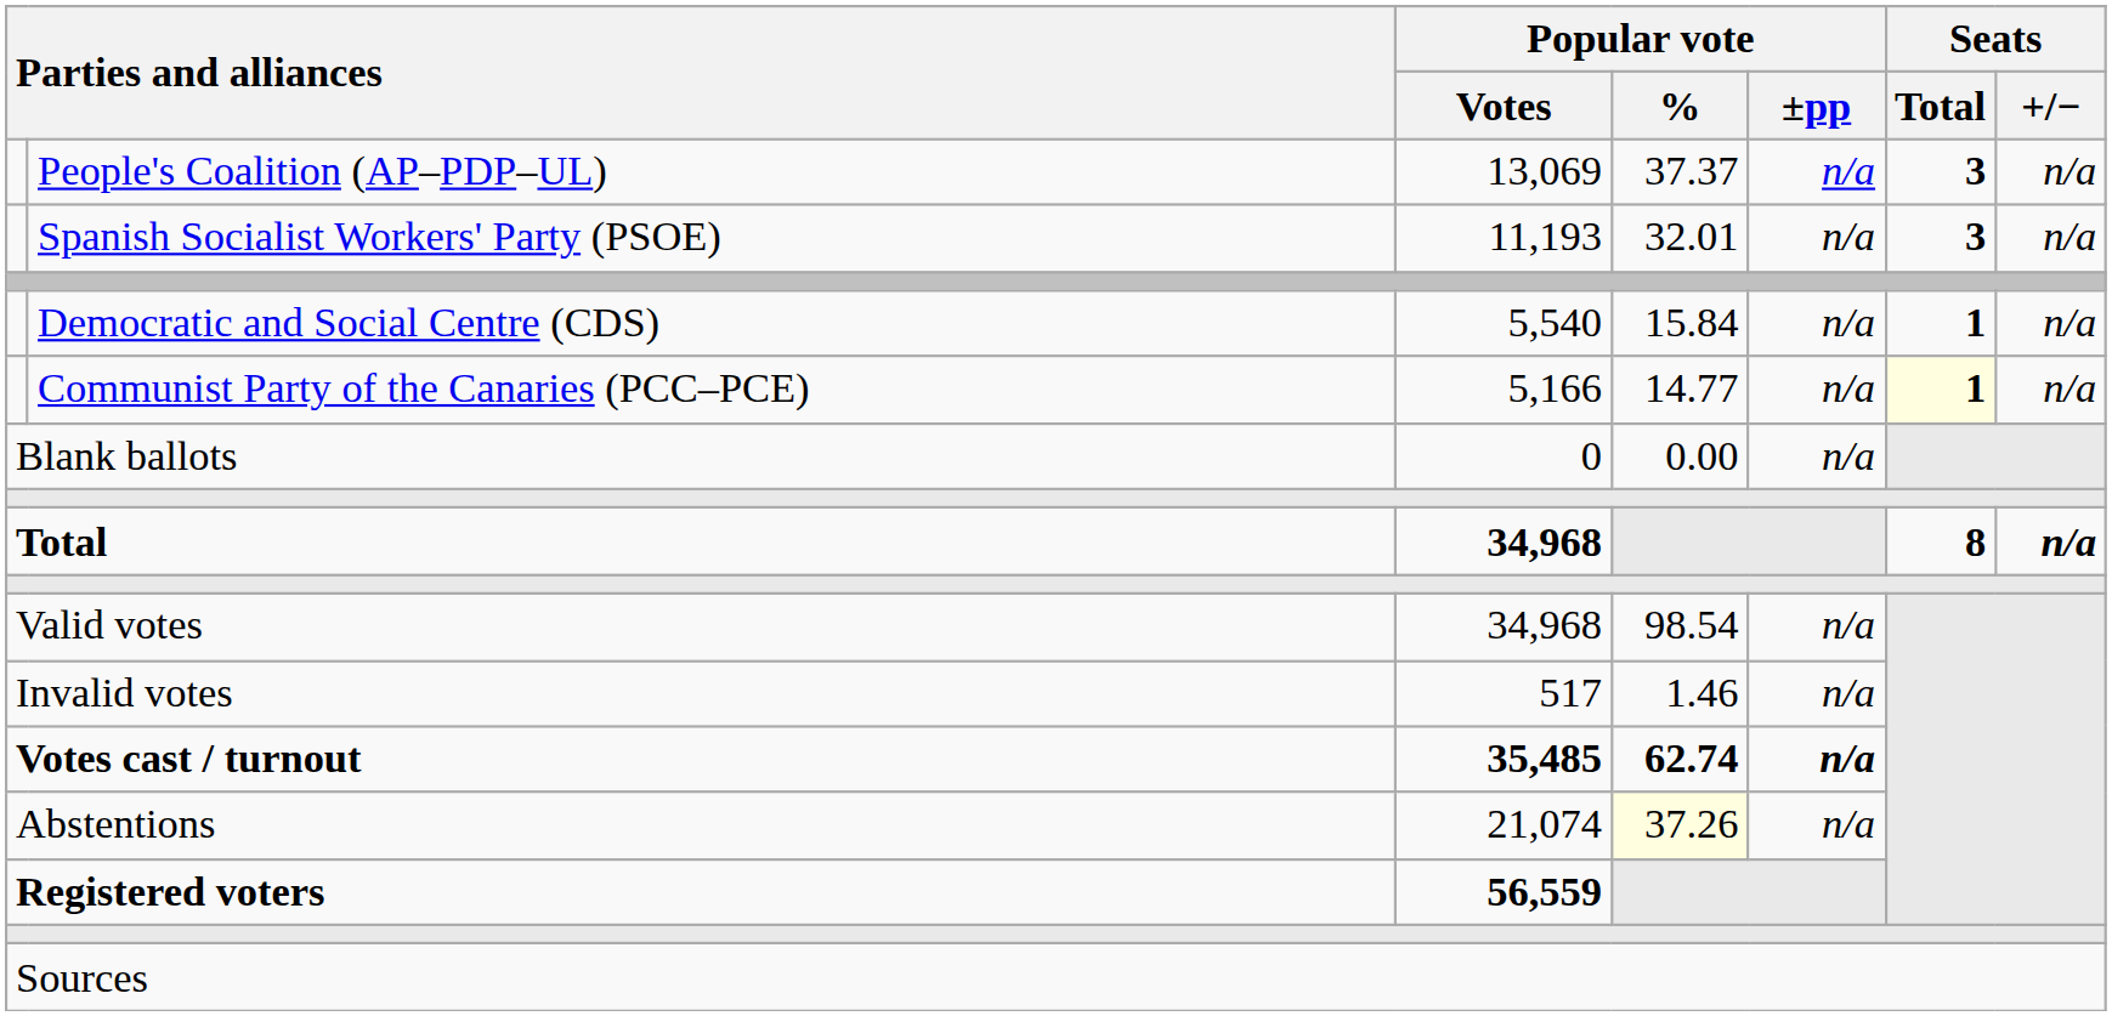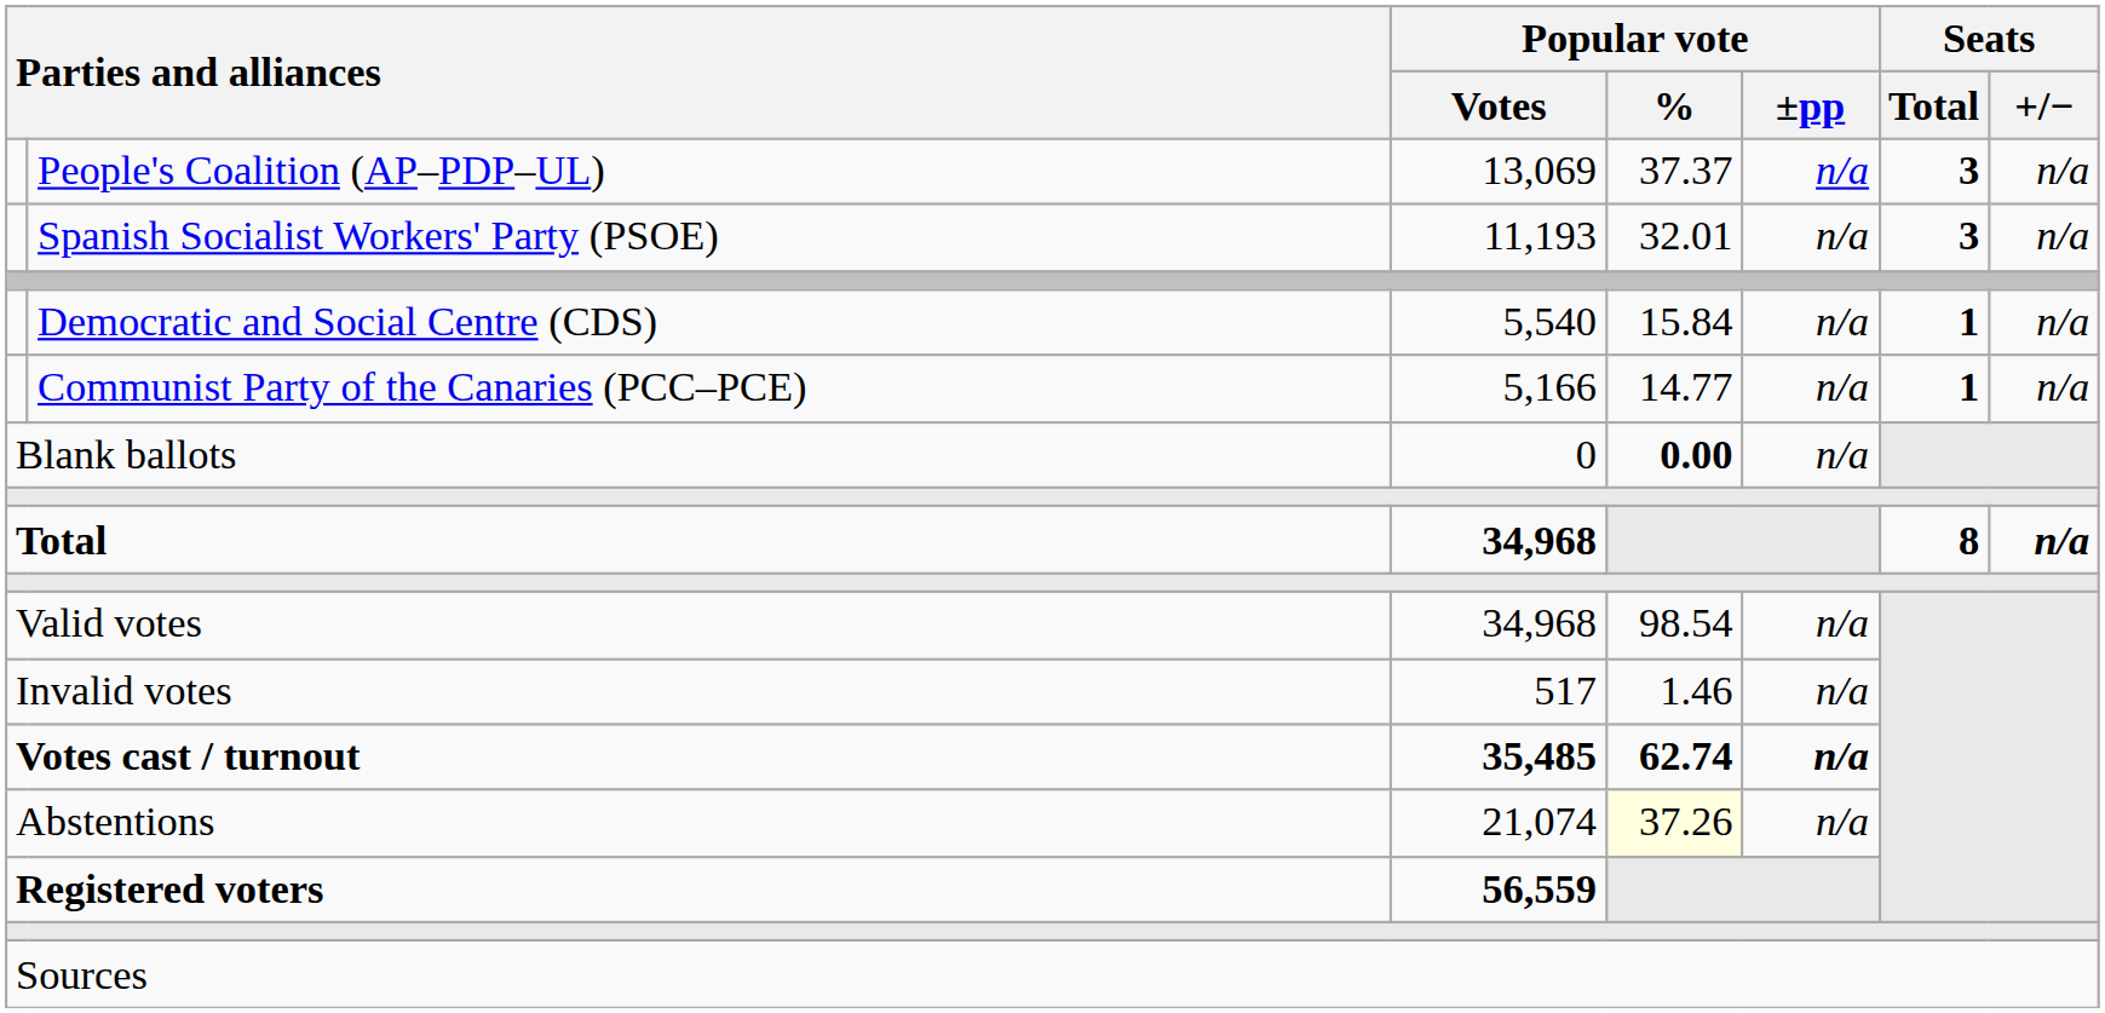 <table class="wikitable" style="text-align:right;">
 <tr>
 <th style="text-align:left;" rowspan="2" colspan="2" width="525">Parties and alliances</th>
 <th colspan="3">Popular vote</th>
 <th colspan="2">Seats</th>
 </tr>
 <tr>
 <th width="75">Votes</th>
 <th width="45">%</th>
 <th width="45">±<a href='#'>pp</a></th>
 <th width="35">Total</th>
 <th width="35">+/−</th>
 </tr>
 <tr>
 <td width="1" style="color:inherit;background:"></td>
 <td align="left"><a href='#'>People's Coalition</a> (<a href='#'>AP</a>–<a href='#'>PDP</a>–<a href='#'>UL</a>)</td>
 <td>13,069</td>
 <td>37.37</td>
 <td><em><a href='#'>n/a</a></em></td>
 <td><strong>3</strong></td>
 <td><em>n/a</em></td>
 </tr>
 <tr>
 <td style="color:inherit;background:"></td>
 <td align="left"><a href='#'>Spanish Socialist Workers' Party</a> (PSOE)</td>
 <td>11,193</td>
 <td>32.01</td>
 <td><em>n/a</em></td>
 <td><strong>3</strong></td>
 <td><em>n/a</em></td>
 </tr>
 <tr>
 <td colspan="7" bgcolor="#C0C0C0"></td>
 </tr>
 <tr>
 <td style="color:inherit;background:"></td>
 <td align="left"><a href='#'>Democratic and Social Centre</a> (CDS)</td>
 <td>5,540</td>
 <td>15.84</td>
 <td><em>n/a</em></td>
 <td><strong>1</strong></td>
 <td><em>n/a</em></td>
 </tr>
 <tr>
 <td style="color:inherit;background:"></td>
 <td align="left"><a href='#'>Communist Party of the Canaries</a> (PCC–PCE)</td>
 <td>5,166</td>
 <td>14.77</td>
 <td><em>n/a</em></td>
-<td style="background: lightyellow;"><strong>1</strong></td>
+<td><strong>1</strong></td>
 <td><em>n/a</em></td>
 </tr>
 <tr>
 <td align="left" colspan="2">Blank ballots</td>
 <td>0</td>
-<td>0.00</td>
+<td><strong>0.00</strong></td>
 <td><em>n/a</em></td>
 <td bgcolor="#E9E9E9" colspan="2"></td>
 </tr>
 <tr>
 <td colspan="7" bgcolor="#E9E9E9"></td>
 </tr>
 <tr style="font-weight:bold;">
 <td align="left" colspan="2">Total</td>
 <td>34,968</td>
 <td bgcolor="#E9E9E9" colspan="2"></td>
 <td>8</td>
 <td><em>n/a</em></td>
 </tr>
 <tr>
 <td colspan="7" bgcolor="#E9E9E9"></td>
 </tr>
 <tr>
 <td align="left" colspan="2">Valid votes</td>
 <td>34,968</td>
 <td>98.54</td>
 <td><em>n/a</em></td>
 <td bgcolor="#E9E9E9" colspan="2" rowspan="5"></td>
 </tr>
 <tr>
 <td align="left" colspan="2">Invalid votes</td>
 <td>517</td>
 <td>1.46</td>
 <td><em>n/a</em></td>
 </tr>
 <tr style="font-weight:bold;">
 <td align="left" colspan="2">Votes cast / turnout</td>
 <td>35,485</td>
 <td>62.74</td>
 <td><em>n/a</em></td>
 </tr>
 <tr>
 <td align="left" colspan="2">Abstentions</td>
 <td>21,074</td>
 <td style="background: lightyellow;">37.26</td>
 <td><em>n/a</em></td>
 </tr>
 <tr style="font-weight:bold;">
 <td align="left" colspan="2">Registered voters</td>
 <td>56,559</td>
 <td bgcolor="#E9E9E9" colspan="2"></td>
 </tr>
 <tr>
 <td colspan="7" bgcolor="#E9E9E9"></td>
 </tr>
 <tr>
 <td align="left" colspan="7">Sources</td>
 </tr>
 </table>
